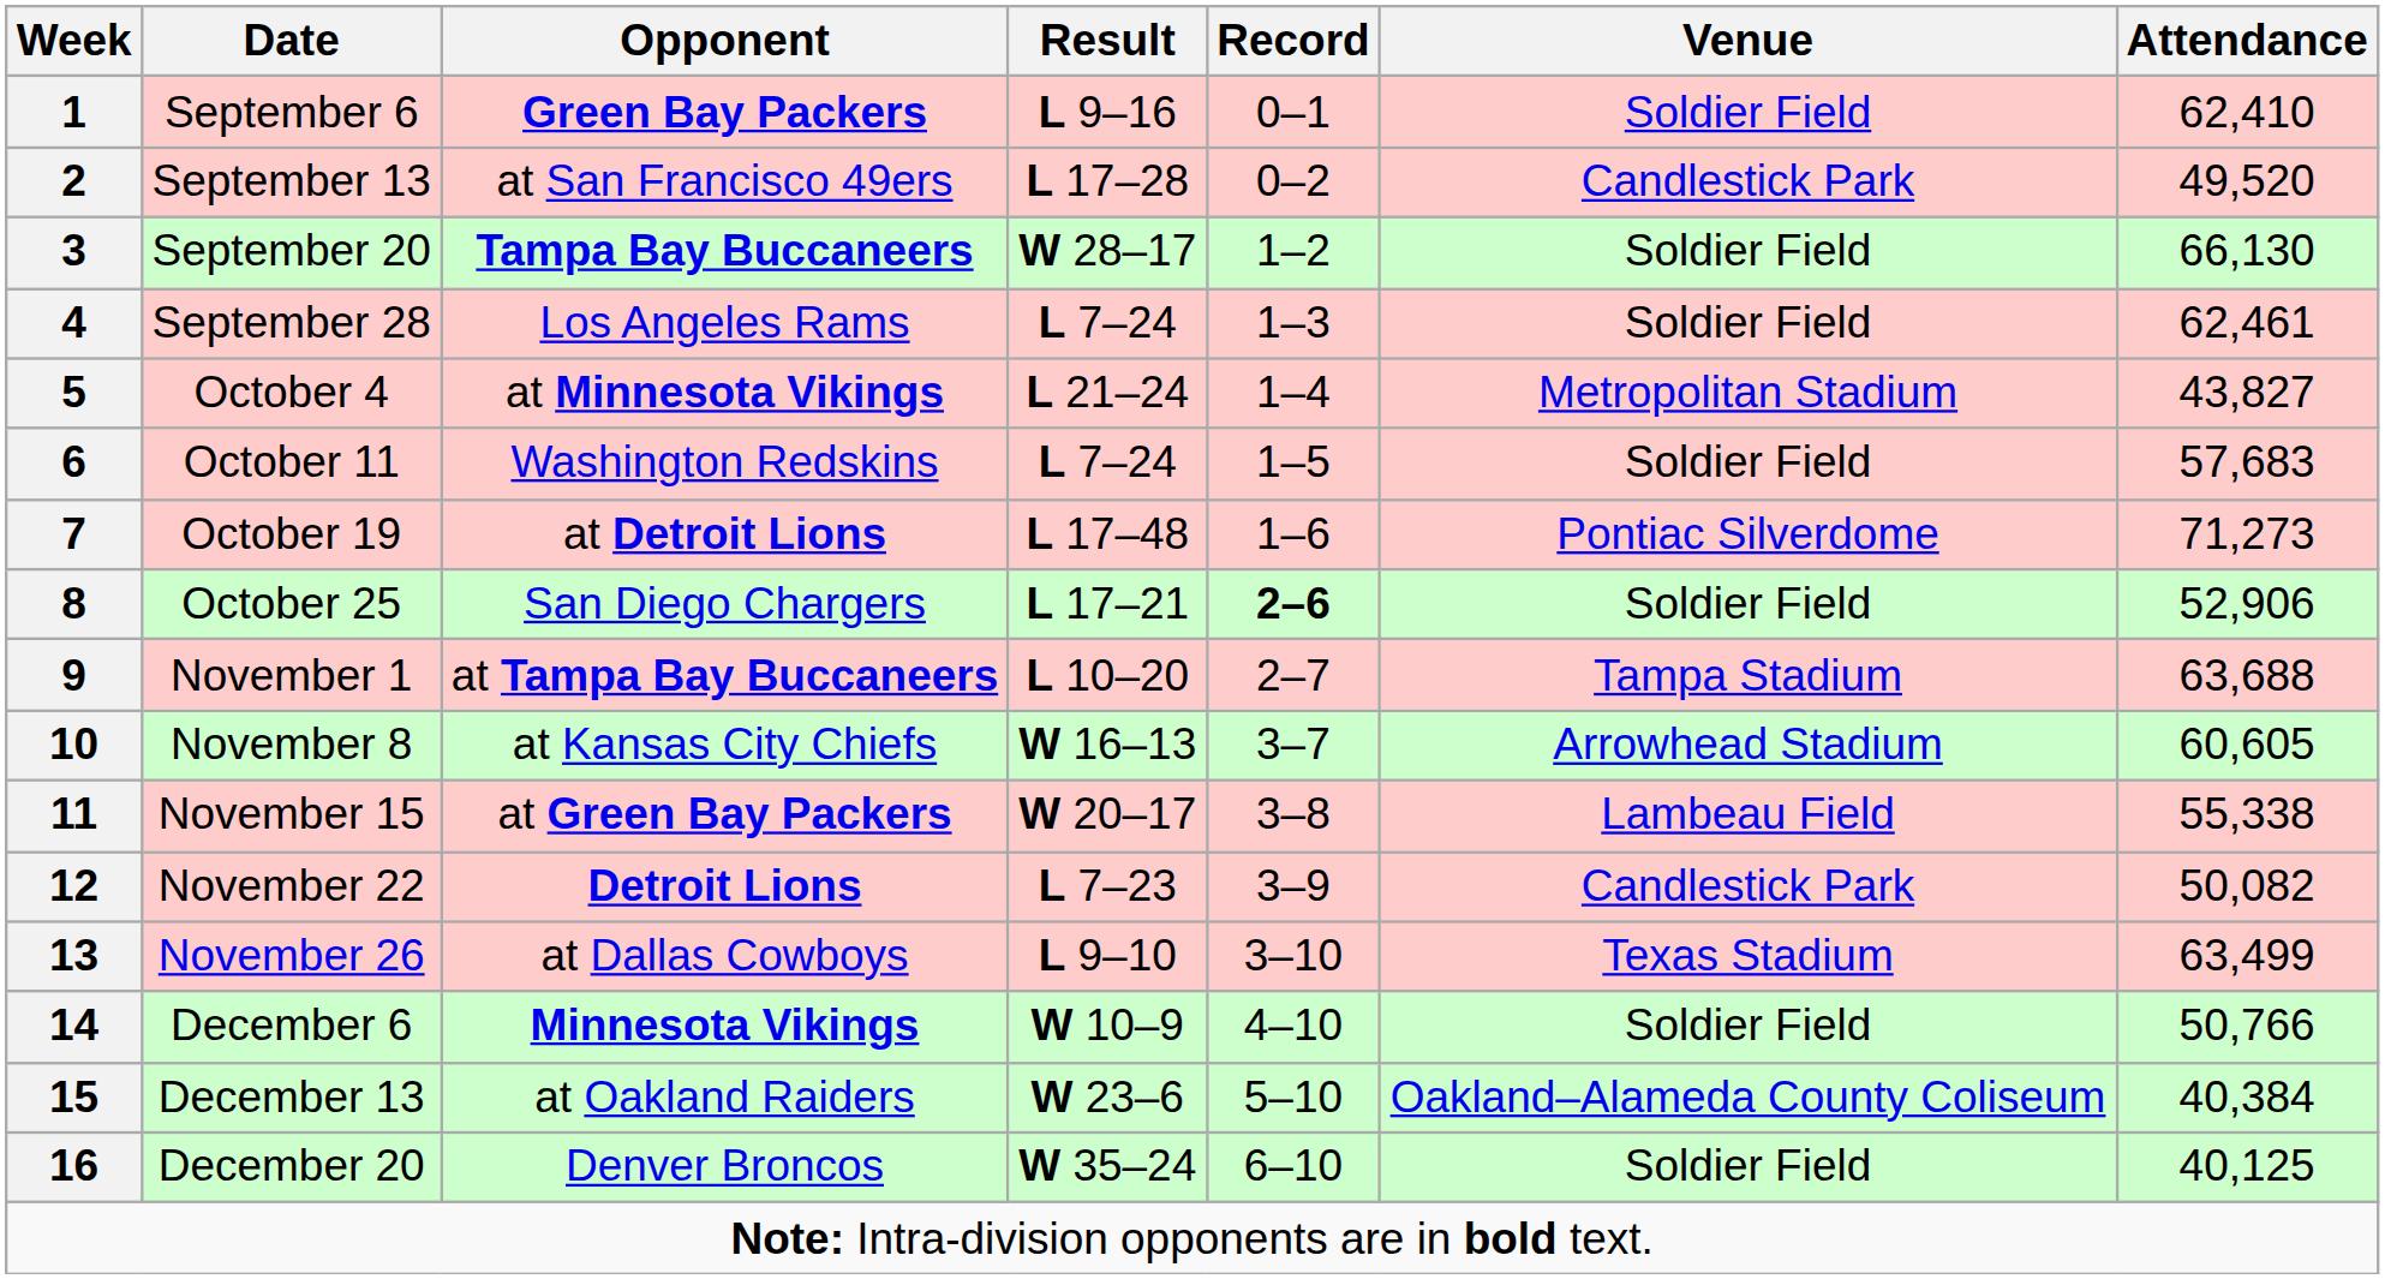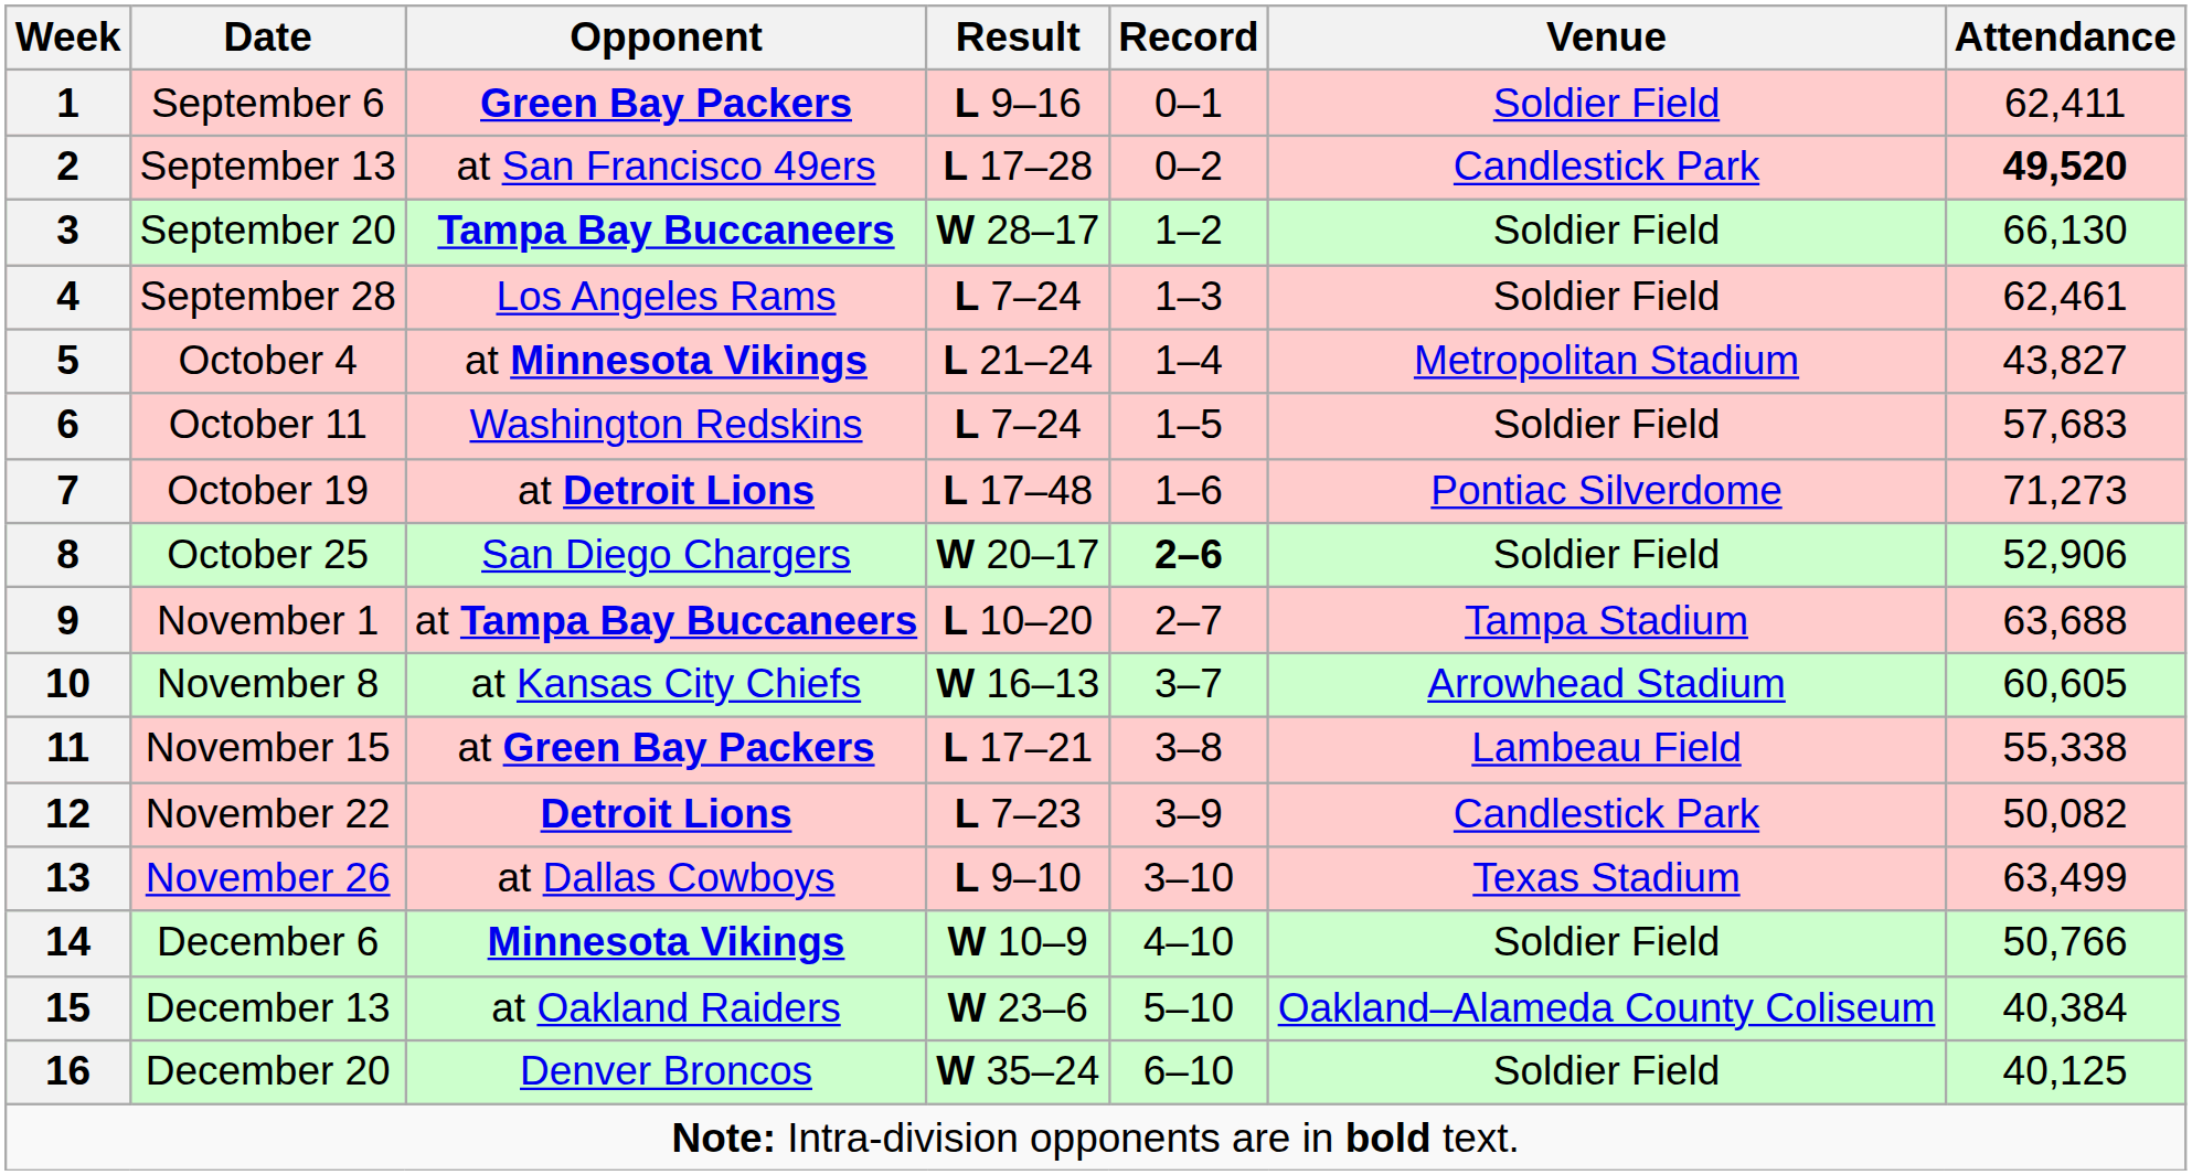 <table class="wikitable" style="text-align:center">
 <tr>
 <th>Week</th>
 <th>Date</th>
 <th>Opponent</th>
 <th>Result</th>
 <th>Record</th>
 <th>Venue</th>
 <th>Attendance</th>
 </tr>
 <tr style="background:#fcc">
 <th>1</th>
 <td>September 6</td>
 <td><strong><a href='#'>Green Bay Packers</a></strong></td>
 <td><strong>L</strong> 9–16</td>
 <td>0–1</td>
 <td><a href='#'>Soldier Field</a></td>
-<td>62,410</td>
+<td>62,411</td>
 </tr>
 <tr style="background:#fcc">
 <th>2</th>
 <td>September 13</td>
 <td>at <a href='#'>San Francisco 49ers</a></td>
 <td><strong>L</strong> 17–28</td>
 <td>0–2</td>
 <td><a href='#'>Candlestick Park</a></td>
-<td>49,520</td>
+<td><strong>49,520</strong></td>
 </tr>
 <tr style="background:#cfc">
 <th>3</th>
 <td>September 20</td>
 <td><strong><a href='#'>Tampa Bay Buccaneers</a></strong></td>
 <td><strong>W</strong> 28–17</td>
 <td>1–2</td>
 <td>Soldier Field</td>
 <td>66,130</td>
 </tr>
 <tr style="background:#fcc">
 <th>4</th>
 <td>September 28</td>
 <td><a href='#'>Los Angeles Rams</a></td>
 <td><strong>L</strong> 7–24</td>
 <td>1–3</td>
 <td>Soldier Field</td>
 <td>62,461</td>
 </tr>
 <tr style="background:#fcc">
 <th>5</th>
 <td>October 4</td>
 <td>at <strong><a href='#'>Minnesota Vikings</a></strong></td>
 <td><strong>L</strong> 21–24</td>
 <td>1–4</td>
 <td><a href='#'>Metropolitan Stadium</a></td>
 <td>43,827</td>
 </tr>
 <tr style="background:#fcc">
 <th>6</th>
 <td>October 11</td>
 <td><a href='#'>Washington Redskins</a></td>
 <td><strong>L</strong> 7–24</td>
 <td>1–5</td>
 <td>Soldier Field</td>
 <td>57,683</td>
 </tr>
 <tr style="background:#fcc">
 <th>7</th>
 <td>October 19</td>
 <td>at <strong><a href='#'>Detroit Lions</a></strong></td>
 <td><strong>L</strong> 17–48</td>
 <td>1–6</td>
 <td><a href='#'>Pontiac Silverdome</a></td>
 <td>71,273</td>
 </tr>
 <tr style="background:#cfc">
 <th>8</th>
 <td>October 25</td>
 <td><a href='#'>San Diego Chargers</a></td>
-<td><strong>L</strong> 17–21</td>
+<td><strong>W</strong> 20–17 </td>
 <td><strong>2–6</strong></td>
 <td>Soldier Field</td>
 <td>52,906</td>
 </tr>
 <tr style="background:#fcc">
 <th>9</th>
 <td>November 1</td>
 <td>at <strong><a href='#'>Tampa Bay Buccaneers</a></strong></td>
 <td><strong>L</strong> 10–20</td>
 <td>2–7</td>
 <td><a href='#'>Tampa Stadium</a></td>
 <td>63,688</td>
 </tr>
 <tr style="background:#cfc">
 <th>10</th>
 <td>November 8</td>
 <td>at <a href='#'>Kansas City Chiefs</a></td>
 <td><strong>W</strong> 16–13 </td>
 <td>3–7</td>
 <td><a href='#'>Arrowhead Stadium</a></td>
 <td>60,605</td>
 </tr>
 <tr style="background:#fcc">
 <th>11</th>
 <td>November 15</td>
 <td>at <strong><a href='#'>Green Bay Packers</a></strong></td>
-<td><strong>W</strong> 20–17 </td>
+<td><strong>L</strong> 17–21</td>
 <td>3–8</td>
 <td><a href='#'>Lambeau Field</a></td>
 <td>55,338</td>
 </tr>
 <tr style="background:#fcc">
 <th>12</th>
 <td>November 22</td>
 <td><strong><a href='#'>Detroit Lions</a></strong></td>
 <td><strong>L</strong> 7–23</td>
 <td>3–9</td>
 <td><a href='#'>Candlestick Park</a></td>
 <td>50,082</td>
 </tr>
 <tr style="background:#fcc">
 <th>13</th>
 <td><a href='#'>November 26</a></td>
 <td>at <a href='#'>Dallas Cowboys</a></td>
 <td><strong>L</strong> 9–10</td>
 <td>3–10</td>
 <td><a href='#'>Texas Stadium</a></td>
 <td>63,499</td>
 </tr>
 <tr style="background:#cfc">
 <th>14</th>
 <td>December 6</td>
 <td><strong><a href='#'>Minnesota Vikings</a></strong></td>
 <td><strong>W</strong> 10–9</td>
 <td>4–10</td>
 <td>Soldier Field</td>
 <td>50,766</td>
 </tr>
 <tr style="background:#cfc">
 <th>15</th>
 <td>December 13</td>
 <td>at <a href='#'>Oakland Raiders</a></td>
 <td><strong>W</strong> 23–6</td>
 <td>5–10</td>
 <td><a href='#'>Oakland–Alameda County Coliseum</a></td>
 <td>40,384</td>
 </tr>
 <tr style="background:#cfc">
 <th>16</th>
 <td>December 20</td>
 <td><a href='#'>Denver Broncos</a></td>
 <td><strong>W</strong> 35–24</td>
 <td>6–10</td>
 <td>Soldier Field</td>
 <td>40,125</td>
 </tr>
 <tr>
 <td colspan="8"><strong>Note:</strong> Intra-division opponents are in <strong>bold</strong> text.</td>
 </tr>
 </table>
